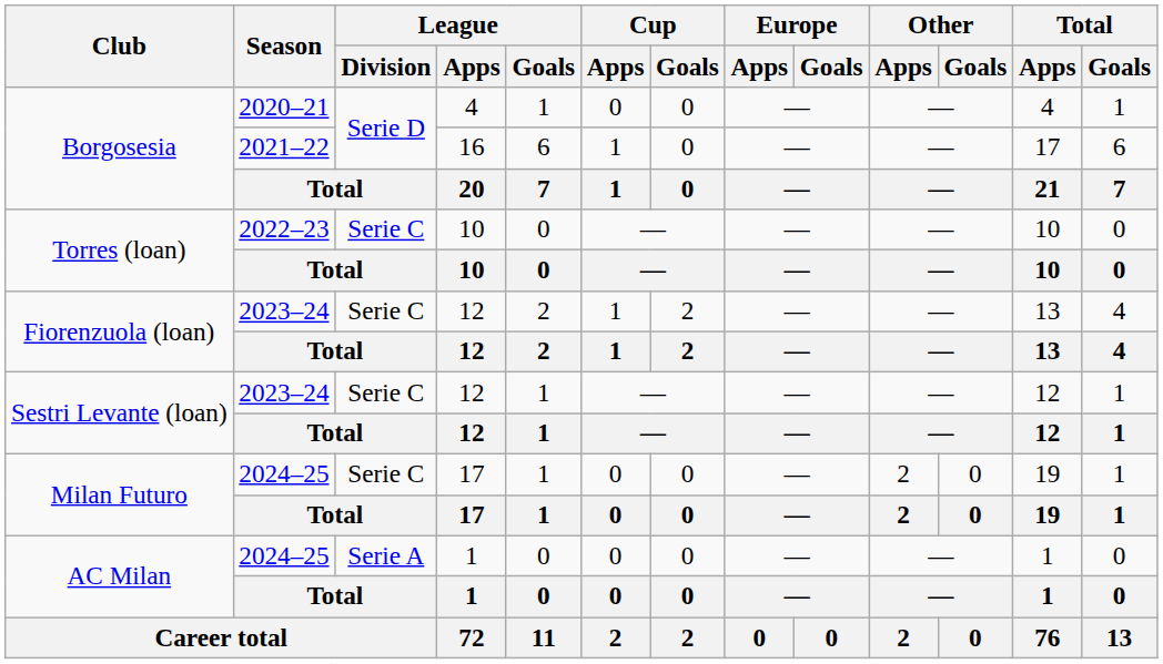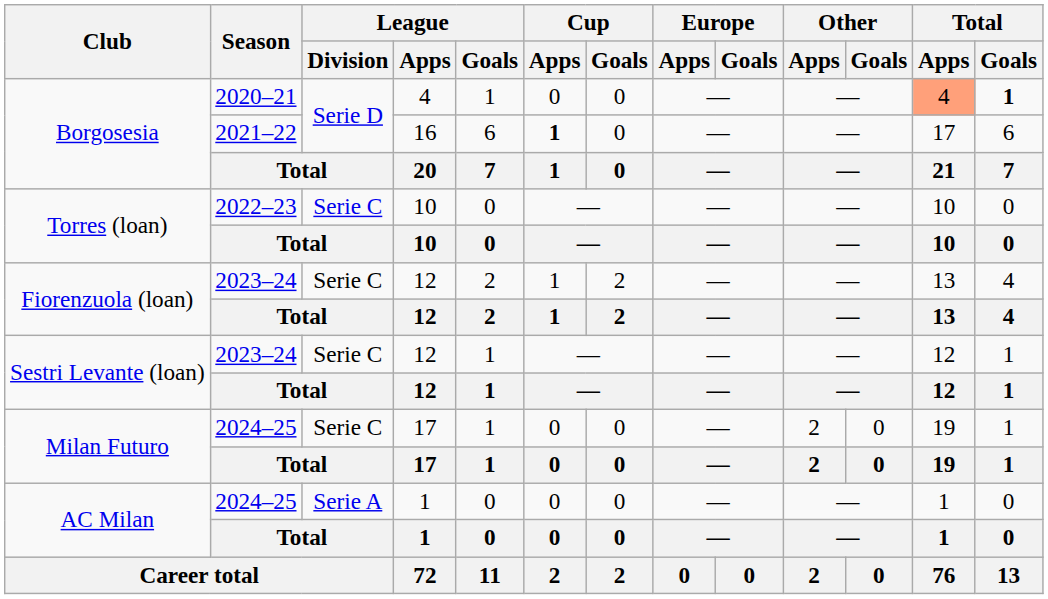 <table class="wikitable" style="text-align:center">
 <tr>
 <th rowspan="2">Club</th>
 <th rowspan="2">Season</th>
 <th colspan="3">League</th>
 <th colspan="2">Cup</th>
 <th colspan="2">Europe</th>
 <th colspan="2">Other</th>
 <th colspan="2">Total</th>
 </tr>
 <tr>
 <th>Division</th>
 <th>Apps</th>
 <th>Goals</th>
 <th>Apps</th>
 <th>Goals</th>
 <th>Apps</th>
 <th>Goals</th>
 <th>Apps</th>
 <th>Goals</th>
 <th>Apps</th>
 <th>Goals</th>
 </tr>
 <tr>
 <td rowspan="3"><a href='#'>Borgosesia</a></td>
 <td><a href='#'>2020–21</a></td>
 <td rowspan="2"><a href='#'>Serie D</a></td>
 <td>4</td>
 <td>1</td>
 <td>0</td>
 <td>0</td>
 <td colspan="2">—</td>
 <td colspan="2">—</td>
-<td>4</td>
-<td>1</td>
+<td style="background: lightsalmon;">4</td>
+<td><strong>1</strong></td>
 </tr>
 <tr>
 <td><a href='#'>2021–22</a></td>
 <td>16</td>
 <td>6</td>
-<td>1</td>
+<td><strong>1</strong></td>
 <td>0</td>
 <td colspan="2">—</td>
 <td colspan="2">—</td>
 <td>17</td>
 <td>6</td>
 </tr>
 <tr>
 <th colspan="2">Total</th>
 <th>20</th>
 <th>7</th>
 <th>1</th>
 <th>0</th>
 <th colspan="2">—</th>
 <th colspan="2">—</th>
 <th>21</th>
 <th>7</th>
 </tr>
 <tr>
 <td rowspan="2"><a href='#'>Torres</a> (loan)</td>
 <td><a href='#'>2022–23</a></td>
 <td><a href='#'>Serie C</a></td>
 <td>10</td>
 <td>0</td>
 <td colspan="2">—</td>
 <td colspan="2">—</td>
 <td colspan="2">—</td>
 <td>10</td>
 <td>0</td>
 </tr>
 <tr>
 <th colspan="2">Total</th>
 <th>10</th>
 <th>0</th>
 <th colspan="2">—</th>
 <th colspan="2">—</th>
 <th colspan="2">—</th>
 <th>10</th>
 <th>0</th>
 </tr>
 <tr>
 <td rowspan="2"><a href='#'>Fiorenzuola</a> (loan)</td>
 <td><a href='#'>2023–24</a></td>
 <td>Serie C</td>
 <td>12</td>
 <td>2</td>
 <td>1</td>
 <td>2</td>
 <td colspan="2">—</td>
 <td colspan="2">—</td>
 <td>13</td>
 <td>4</td>
 </tr>
 <tr>
 <th colspan="2">Total</th>
 <th>12</th>
 <th>2</th>
 <th>1</th>
 <th>2</th>
 <th colspan="2">—</th>
 <th colspan="2">—</th>
 <th>13</th>
 <th>4</th>
 </tr>
 <tr>
 <td rowspan="2"><a href='#'>Sestri Levante</a> (loan)</td>
 <td><a href='#'>2023–24</a></td>
 <td>Serie C</td>
 <td>12</td>
 <td>1</td>
 <td colspan="2">—</td>
 <td colspan="2">—</td>
 <td colspan="2">—</td>
 <td>12</td>
 <td>1</td>
 </tr>
 <tr>
 <th colspan="2">Total</th>
 <th>12</th>
 <th>1</th>
 <th colspan="2">—</th>
 <th colspan="2">—</th>
 <th colspan="2">—</th>
 <th>12</th>
 <th>1</th>
 </tr>
 <tr>
 <td rowspan="2"><a href='#'>Milan Futuro</a></td>
 <td><a href='#'>2024–25</a></td>
 <td>Serie C</td>
 <td>17</td>
 <td>1</td>
 <td>0</td>
 <td>0</td>
 <td colspan="2">—</td>
 <td>2</td>
 <td>0</td>
 <td>19</td>
 <td>1</td>
 </tr>
 <tr>
 <th colspan="2">Total</th>
 <th>17</th>
 <th>1</th>
 <th>0</th>
 <th>0</th>
 <th colspan="2">—</th>
 <th>2</th>
 <th>0</th>
 <th>19</th>
 <th>1</th>
 </tr>
 <tr>
 <td rowspan="2"><a href='#'>AC Milan</a></td>
 <td><a href='#'>2024–25</a></td>
 <td><a href='#'>Serie A</a></td>
 <td>1</td>
 <td>0</td>
 <td>0</td>
 <td>0</td>
 <td colspan="2">—</td>
 <td colspan="2">—</td>
 <td>1</td>
 <td>0</td>
 </tr>
 <tr>
 <th colspan="2">Total</th>
 <th>1</th>
 <th>0</th>
 <th>0</th>
 <th>0</th>
 <th colspan="2">—</th>
 <th colspan="2">—</th>
 <th>1</th>
 <th>0</th>
 </tr>
 <tr>
 <th colspan="3">Career total</th>
 <th>72</th>
 <th>11</th>
 <th>2</th>
 <th>2</th>
 <th>0</th>
 <th>0</th>
 <th>2</th>
 <th>0</th>
 <th>76</th>
 <th>13</th>
 </tr>
 </table>
